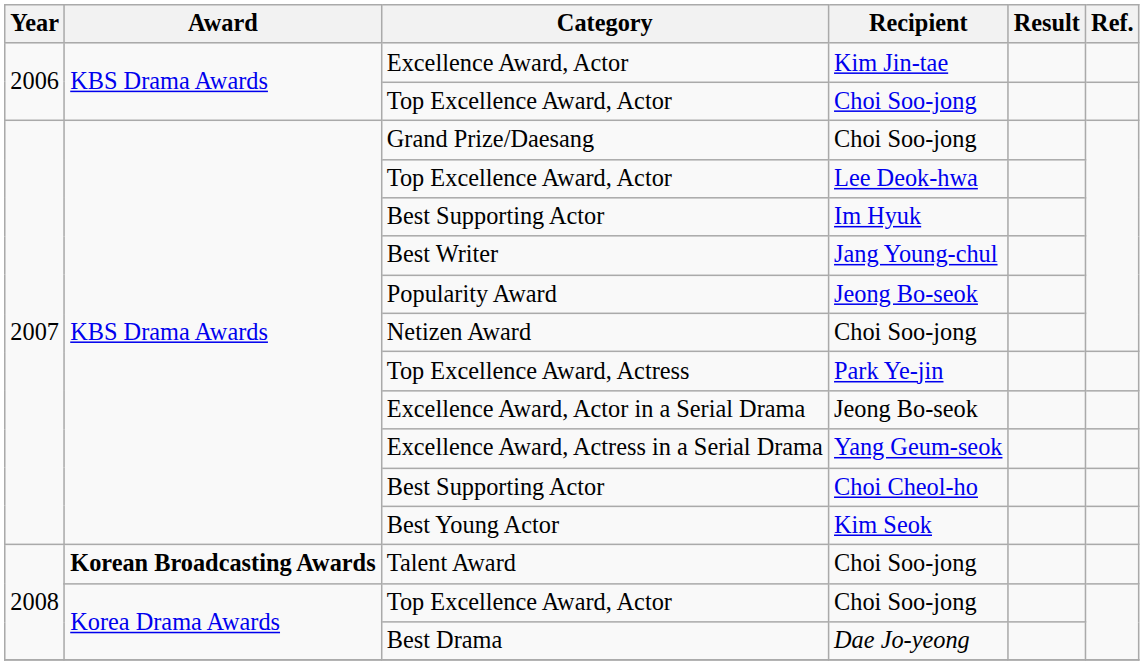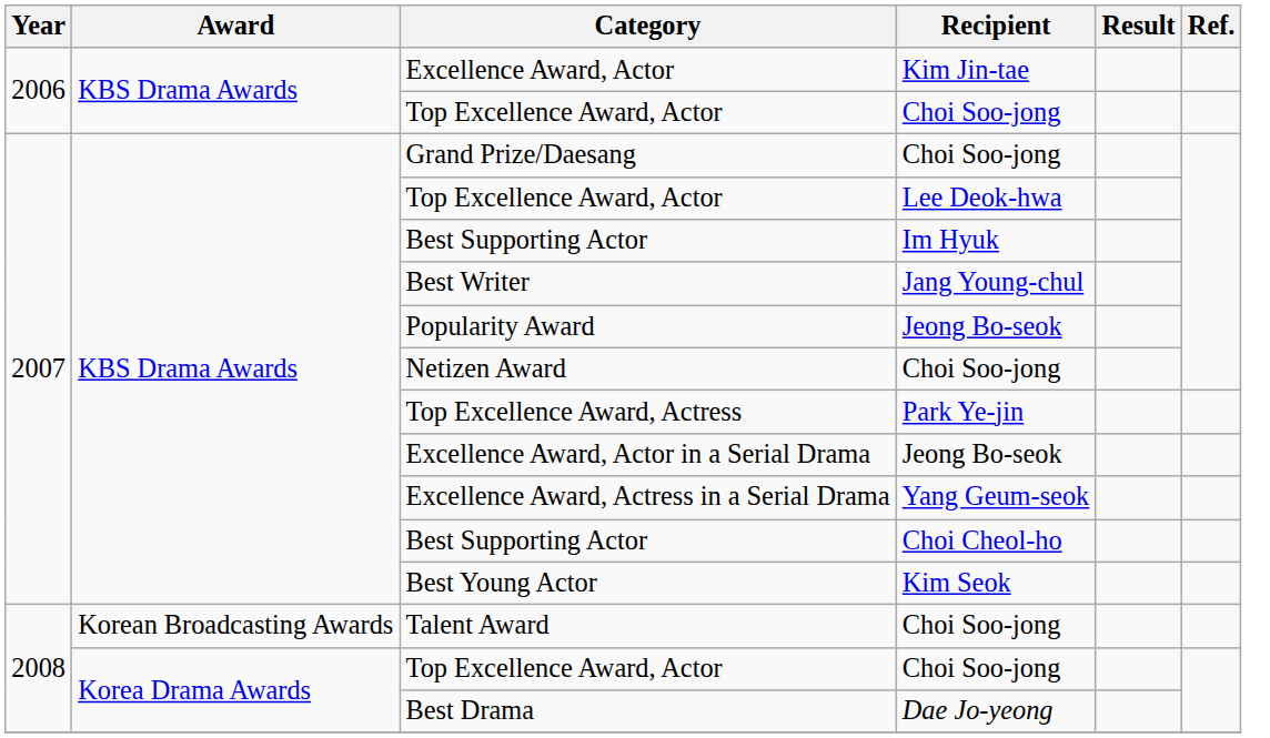 <table class="wikitable">
 <tr>
 <th>Year</th>
 <th>Award</th>
 <th>Category</th>
 <th>Recipient</th>
 <th>Result</th>
 <th>Ref.</th>
 </tr>
 <tr>
 <td rowspan=2>2006</td>
 <td rowspan=2><a href='#'>KBS Drama Awards</a></td>
 <td>Excellence Award, Actor</td>
 <td><a href='#'>Kim Jin-tae</a></td>
 <td></td>
 <td></td>
 </tr>
 <tr>
 <td>Top Excellence Award, Actor</td>
 <td><a href='#'>Choi Soo-jong</a></td>
 <td></td>
 <td></td>
 </tr>
 <tr>
 <td rowspan=11>2007</td>
 <td rowspan=11><a href='#'>KBS Drama Awards</a></td>
 <td>Grand Prize/Daesang</td>
 <td>Choi Soo-jong</td>
 <td></td>
 <td rowspan="6"></td>
 </tr>
 <tr>
 <td>Top Excellence Award, Actor</td>
 <td><a href='#'>Lee Deok-hwa</a></td>
 <td></td>
 </tr>
 <tr>
 <td>Best Supporting Actor</td>
 <td><a href='#'>Im Hyuk</a></td>
 <td></td>
 </tr>
 <tr>
 <td>Best Writer</td>
 <td><a href='#'>Jang Young-chul</a></td>
 <td></td>
 </tr>
 <tr>
 <td>Popularity Award</td>
 <td><a href='#'>Jeong Bo-seok</a></td>
 <td></td>
 </tr>
 <tr>
 <td>Netizen Award</td>
 <td>Choi Soo-jong</td>
 <td></td>
 </tr>
 <tr>
 <td>Top Excellence Award, Actress</td>
 <td><a href='#'>Park Ye-jin</a></td>
 <td></td>
 <td></td>
 </tr>
 <tr>
 <td>Excellence Award, Actor in a Serial Drama</td>
 <td>Jeong Bo-seok</td>
 <td></td>
 <td></td>
 </tr>
 <tr>
 <td>Excellence Award, Actress in a Serial Drama</td>
 <td><a href='#'>Yang Geum-seok</a></td>
 <td></td>
 <td></td>
 </tr>
 <tr>
 <td>Best Supporting Actor</td>
 <td><a href='#'>Choi Cheol-ho</a></td>
 <td></td>
 <td></td>
 </tr>
 <tr>
 <td>Best Young Actor</td>
 <td><a href='#'>Kim Seok</a></td>
 <td></td>
 <td></td>
 </tr>
 <tr>
 <td rowspan=3>2008</td>
-<td><strong>Korean Broadcasting Awards</strong></td>
+<td>Korean Broadcasting Awards</td>
 <td>Talent Award</td>
 <td>Choi Soo-jong</td>
 <td></td>
 <td></td>
 </tr>
 <tr>
 <td rowspan=2><a href='#'>Korea Drama Awards</a></td>
 <td>Top Excellence Award, Actor</td>
 <td>Choi Soo-jong</td>
 <td></td>
 <td rowspan="2"></td>
 </tr>
 <tr>
 <td>Best Drama</td>
 <td><em>Dae Jo-yeong</em></td>
 <td></td>
 </tr>
 <tr>
 </tr>
 </table>
